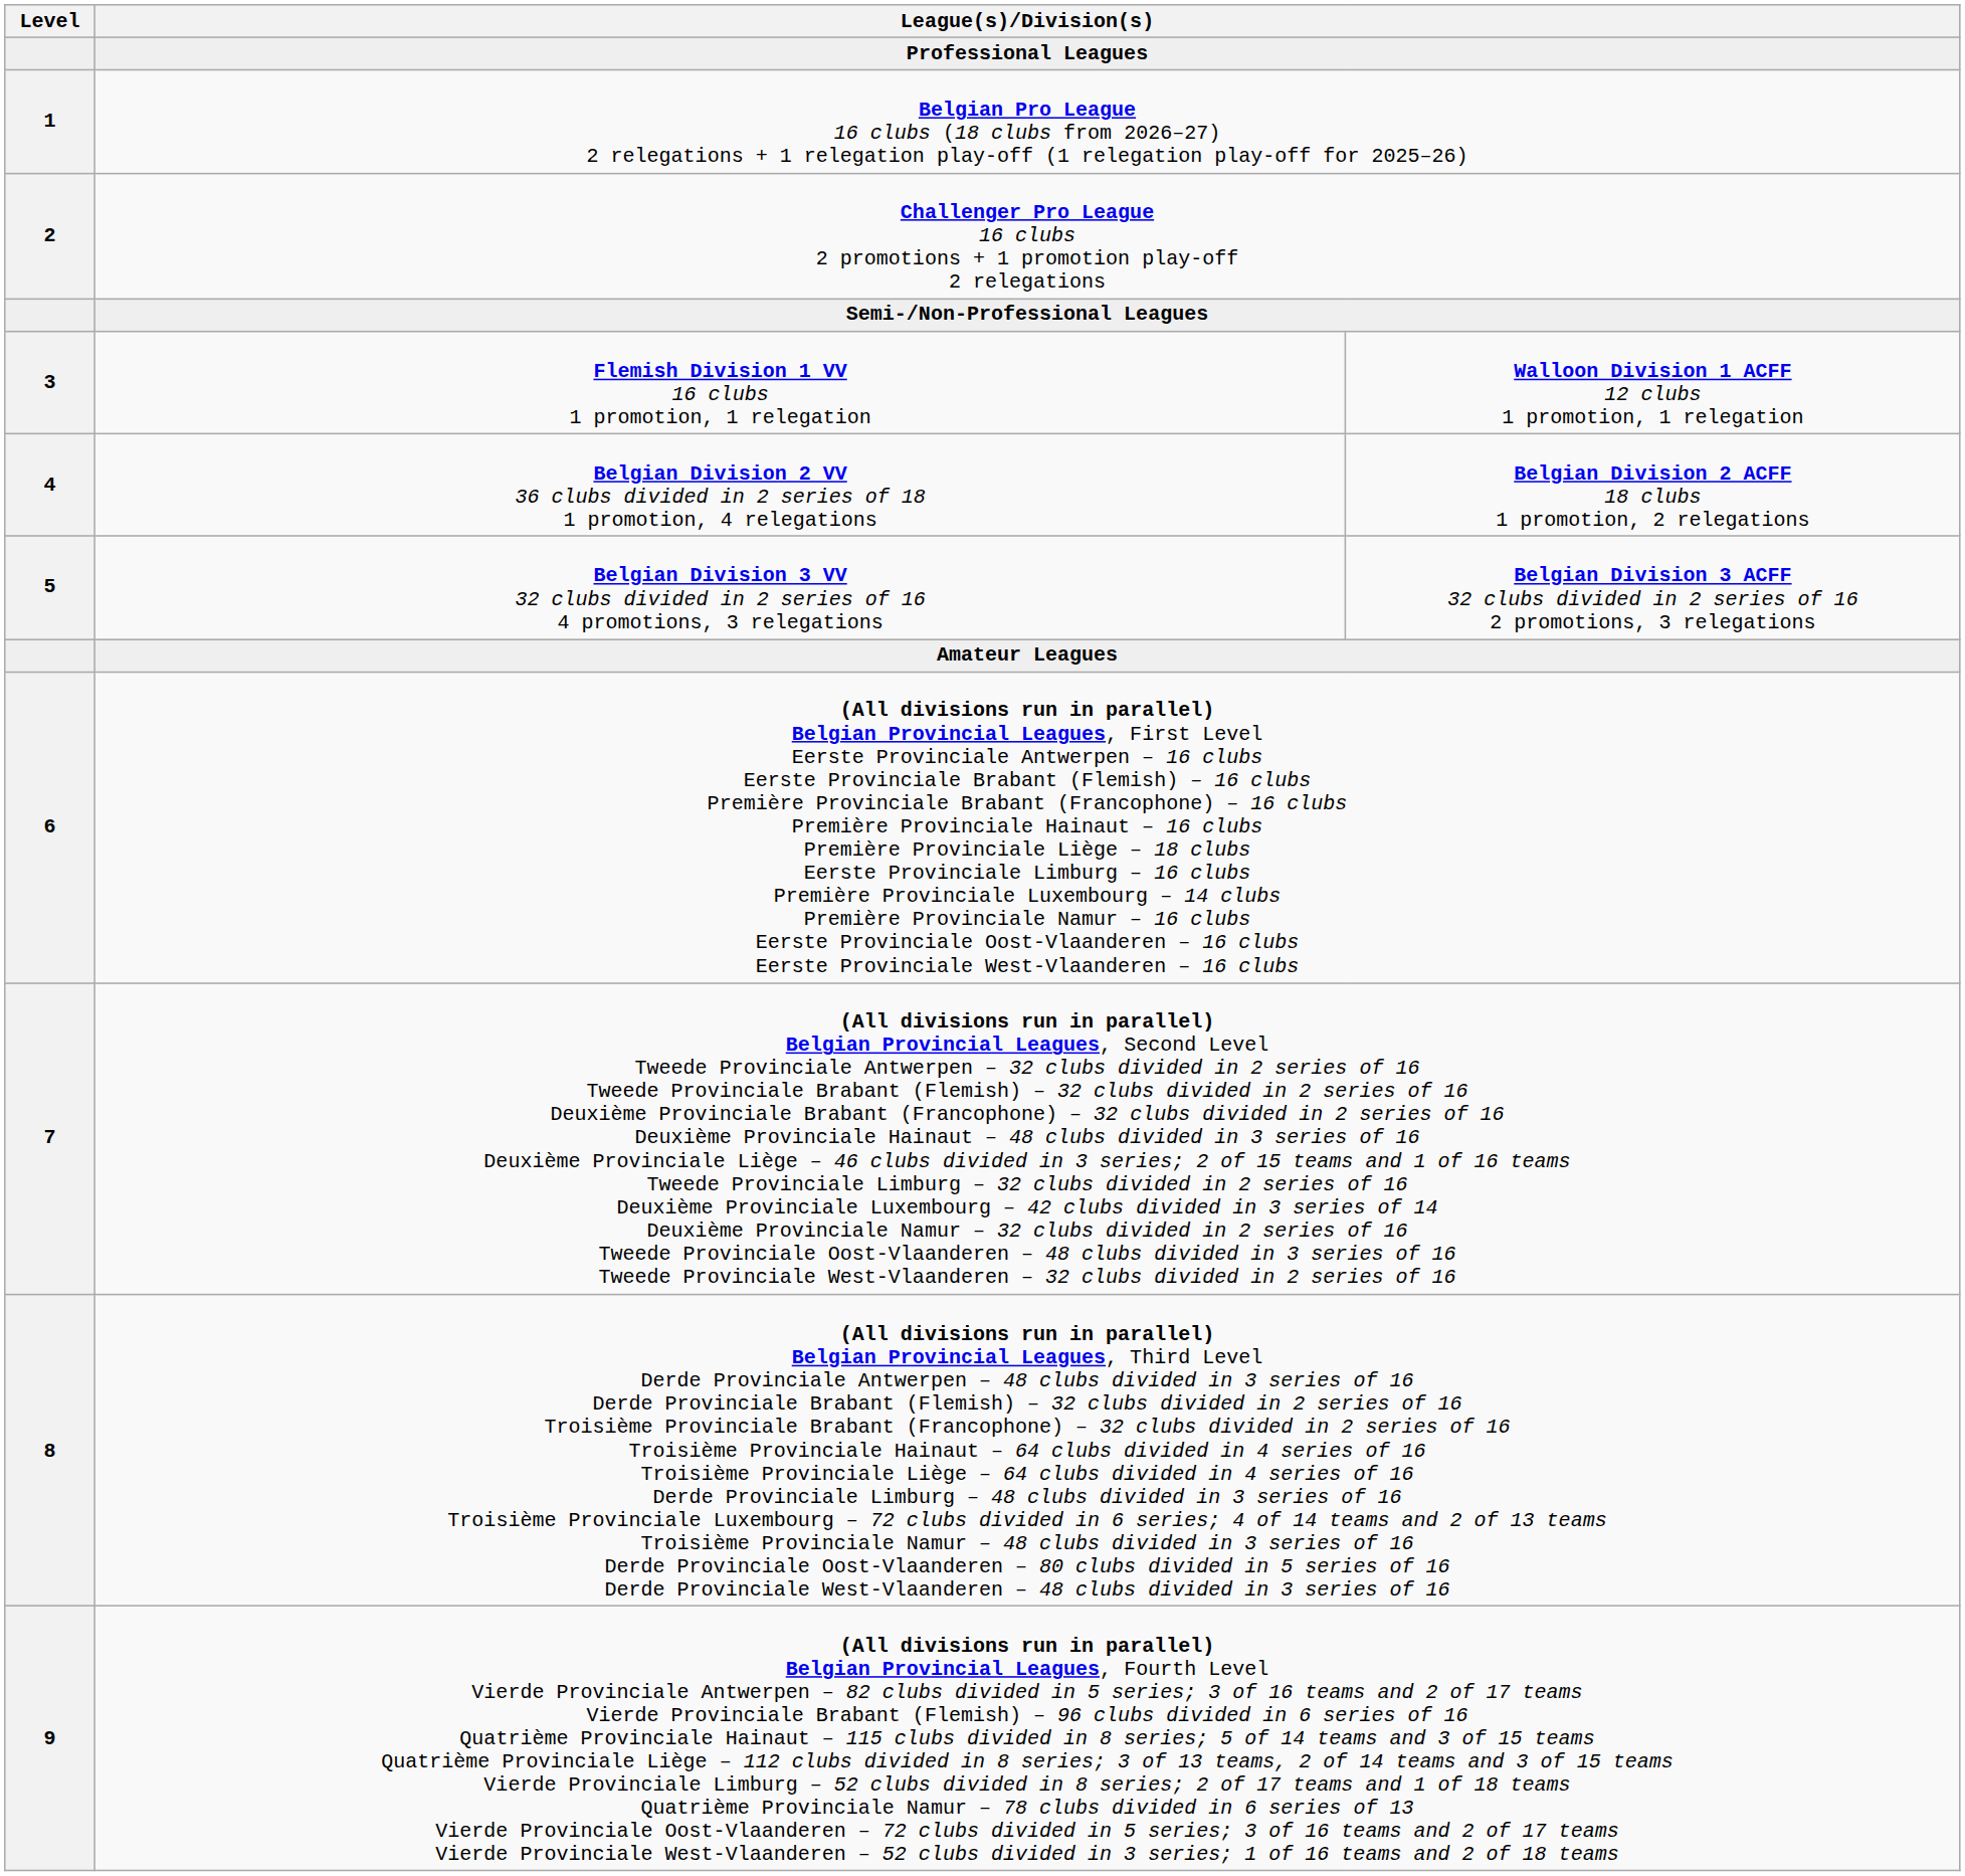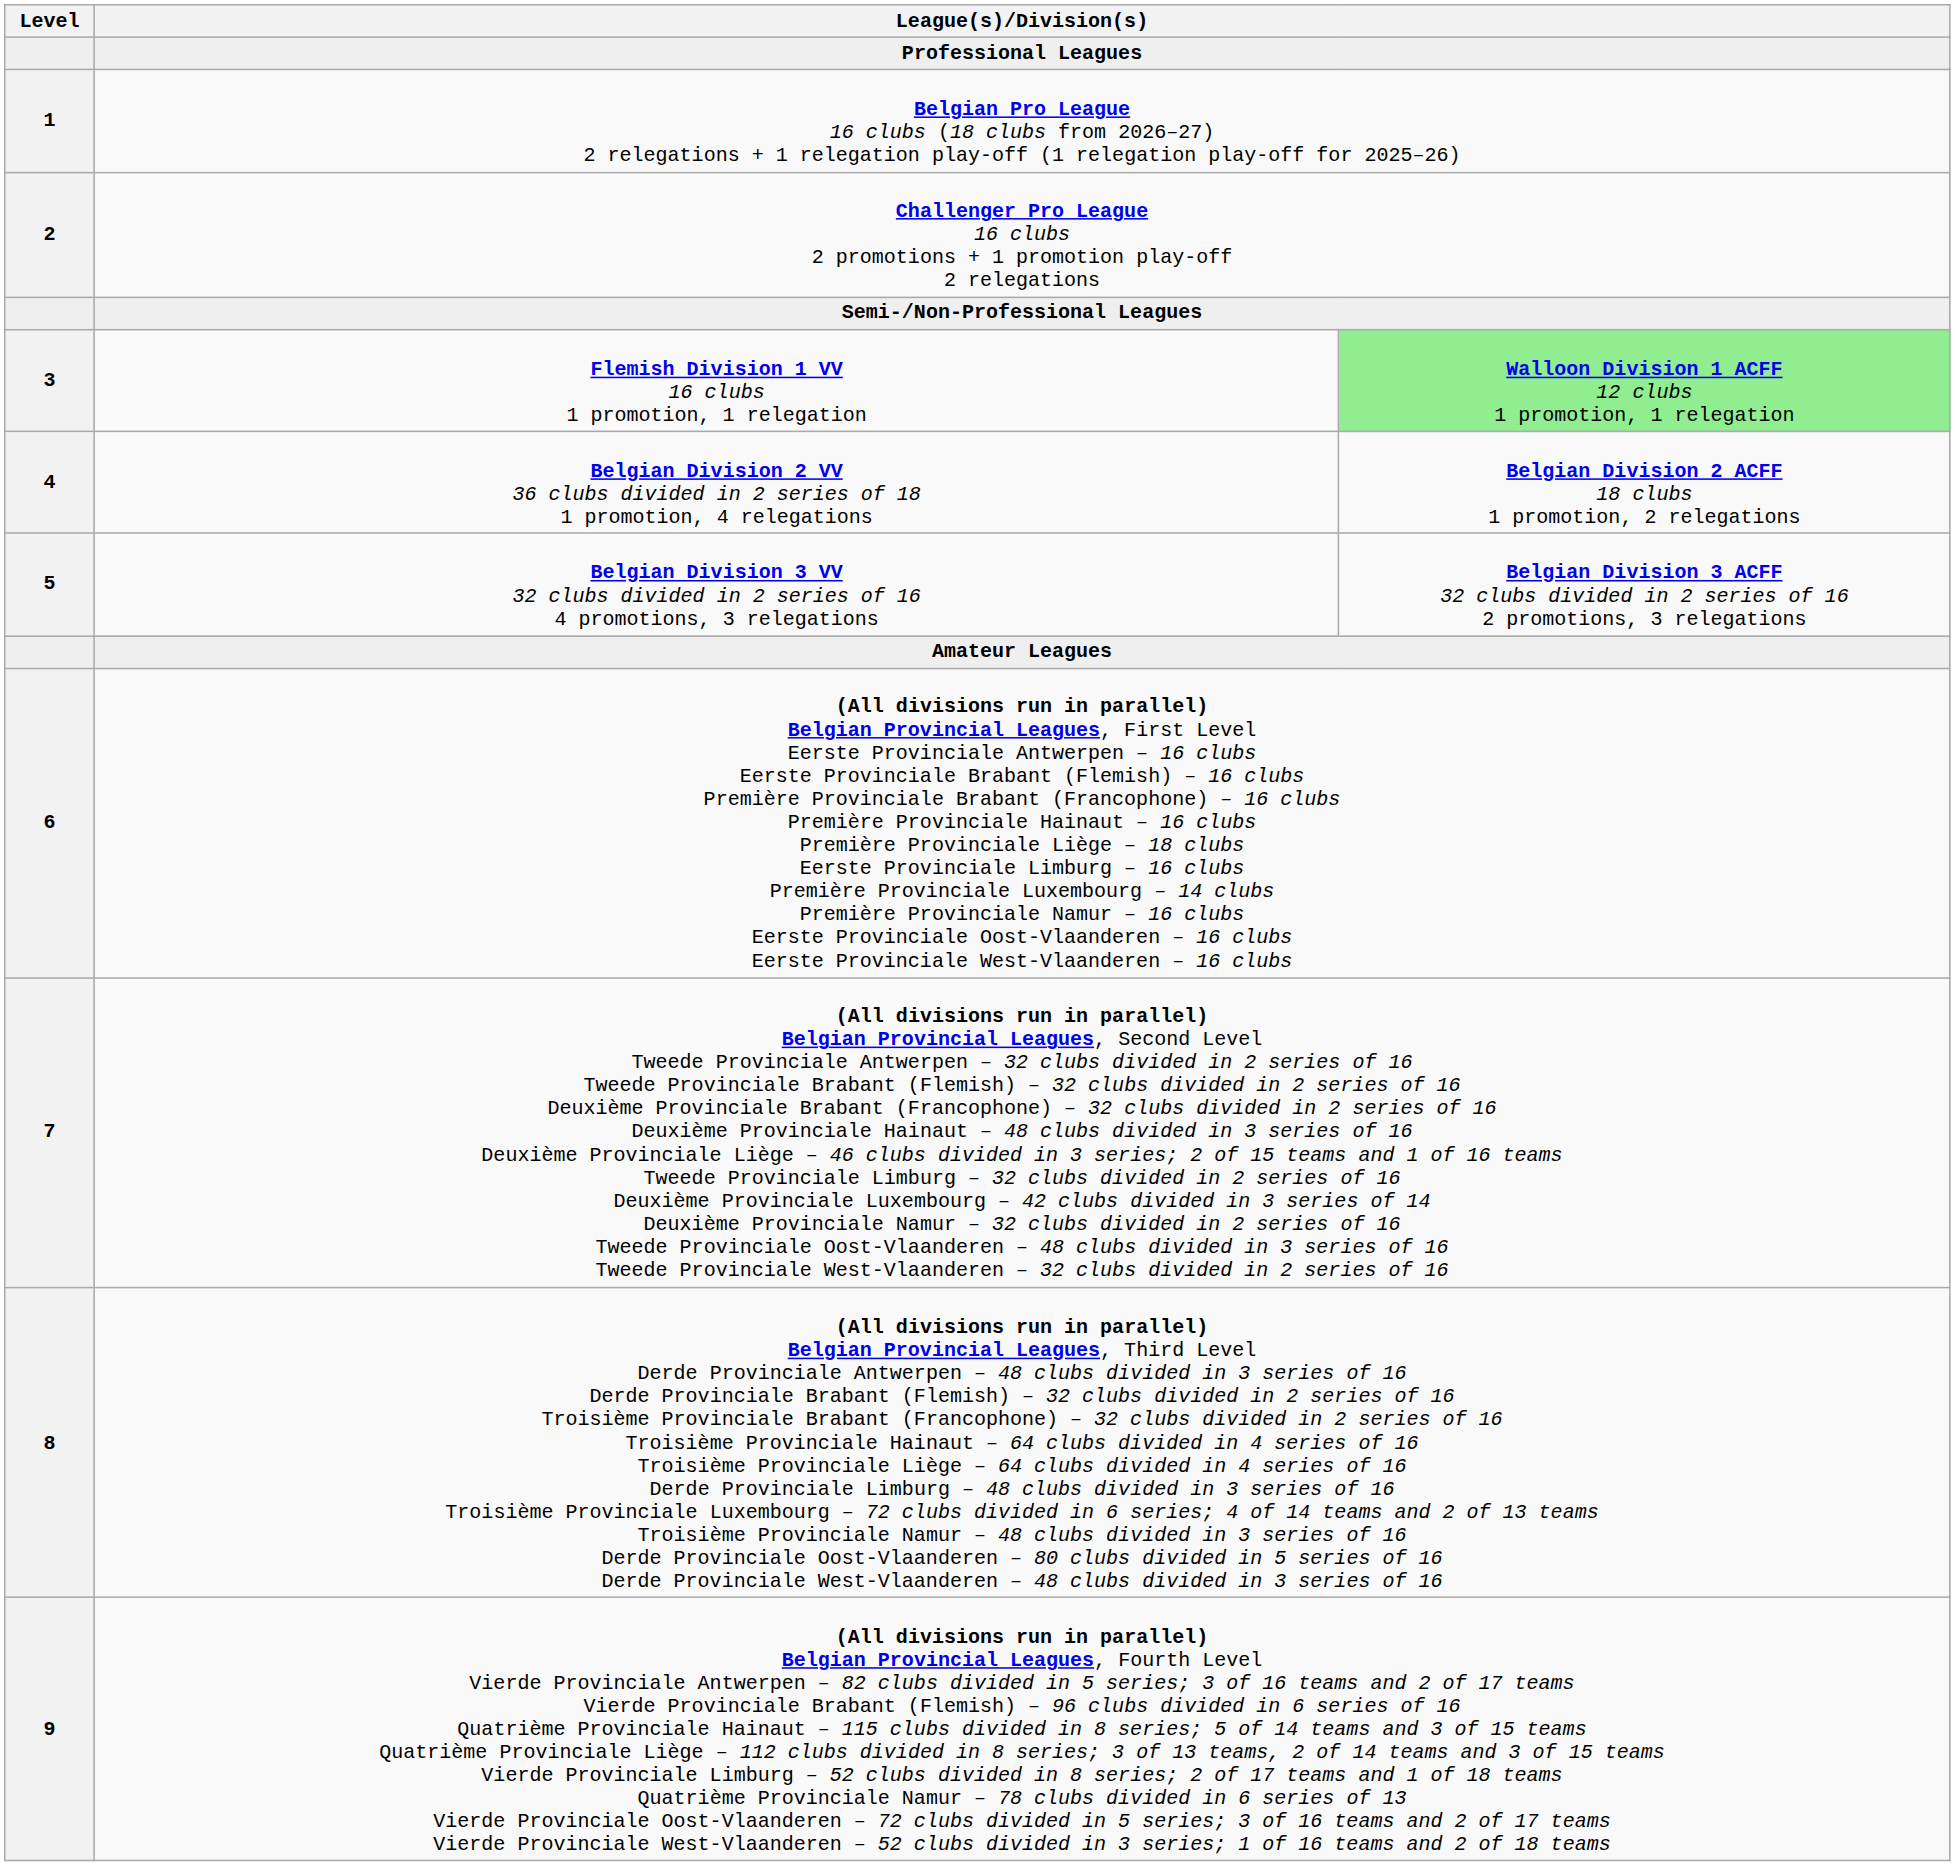 <table class="wikitable" style="text-align:center" width="100%">
 <tr ---->
 <th colspan="1" width="4%">Level</th>
 <th colspan="2" width="96%">League(s)/Division(s)</th>
 </tr>
 <tr style="background:#efefef;">
 <td colspan="1" width="4.6%" align="center"></td>
 <td colspan="18" width="95.4%" style="text-align:center;"><strong>Professional Leagues</strong></td>
 </tr>
 <tr>
 <th colspan="1" width="4%">1</th>
 <td colspan="2" width="96%" align="center"><br><strong><a href='#'>Belgian Pro League</a></strong><br> <em>16 clubs</em> (<em>18 clubs</em> from 2026–27) <br> 2 relegations + 1 relegation play-off (1 relegation play-off for 2025–26)</td>
 </tr>
 <tr ---->
 <th colspan="1" width="4%">2</th>
 <td colspan="2" width="96%" align="center"><br><strong><a href='#'>Challenger Pro League</a></strong><br> <em>16 clubs</em> <br> 2 promotions + 1 promotion play-off <br> 2 relegations</td>
 </tr>
 <tr style="background:#efefef;">
 <td colspan="1" width="4.6%" align="center"></td>
 <td colspan="18" width="95.4%" style="text-align:center;"><strong>Semi-/Non-Professional Leagues</strong></td>
 </tr>
 <tr ---->
 <th colspan="1" width="4%">3</th>
 <td width="50%" align="center"><br><strong><a href='#'>Flemish Division 1 VV</a></strong><br> <em>16 clubs</em> <br> 1 promotion, 1 relegation</td>
-<td width="50%" align="center"><br><strong><a href='#'>Walloon Division 1 ACFF</a></strong><br> <em>12 clubs</em> <br> 1 promotion, 1 relegation</td>
+<td width="50%" align="center" style="background: lightgreen;"><br><strong><a href='#'>Walloon Division 1 ACFF</a></strong><br> <em>12 clubs</em> <br> 1 promotion, 1 relegation</td>
 </tr>
 <tr ---->
 <th colspan="1" width="4%">4</th>
 <td width="64%" align="center"><br><strong><a href='#'>Belgian Division 2 VV</a></strong><br> <em>36 clubs divided in 2 series of 18</em> <br> 1 promotion, 4 relegations</td>
 <td width="30%" align="center"><br><strong><a href='#'>Belgian Division 2 ACFF</a></strong><br> <em>18 clubs</em> <br> 1 promotion, 2 relegations</td>
 </tr>
 <tr ---->
 <th colspan="1" width="4%">5</th>
 <td width="50%" align="center"><br><strong><a href='#'>Belgian Division 3 VV</a></strong><br> <em>32 clubs divided in 2 series of 16</em> <br> 4 promotions, 3 relegations</td>
 <td width="50%" align="center"><br><strong><a href='#'>Belgian Division 3 ACFF</a></strong><br> <em>32 clubs divided in 2 series of 16</em> <br> 2 promotions, 3 relegations</td>
 </tr>
 <tr style="background:#efefef;">
 <td colspan="1" width="4.6%" align="center"></td>
 <td colspan="18" width="95.4%" style="text-align:center;"><strong>Amateur Leagues</strong></td>
 </tr>
 <tr ---->
 <th colspan="1" width="4%">6</th>
 <td colspan="2" width="96%"><br><strong>(All divisions run in parallel)</strong><br> <strong><a href='#'>Belgian Provincial Leagues</a></strong>, First Level<br> Eerste Provinciale  Antwerpen – <em>16 clubs</em><br> Eerste Provinciale  Brabant (Flemish) – <em>16 clubs</em><br> Première Provinciale  Brabant (Francophone) – <em>16 clubs</em><br> Première Provinciale  Hainaut – <em>16 clubs</em><br> Première Provinciale  Liège – <em>18 clubs</em><br> Eerste Provinciale  Limburg – <em>16 clubs</em><br> Première Provinciale  Luxembourg – <em>14 clubs</em><br> Première Provinciale  Namur – <em>16 clubs</em><br> Eerste Provinciale  Oost-Vlaanderen – <em>16 clubs</em><br> Eerste Provinciale  West-Vlaanderen – <em>16 clubs</em><br></td>
 </tr>
 <tr ---->
 <th colspan="1" width="4%">7</th>
 <td colspan="2" width="96%"><br><strong>(All divisions run in parallel)</strong><br> <strong><a href='#'>Belgian Provincial Leagues</a></strong>, Second Level<br> Tweede Provinciale  Antwerpen – <em>32 clubs divided in 2 series of 16</em><br>  Tweede Provinciale  Brabant (Flemish) – <em>32 clubs divided in 2 series of 16</em><br> Deuxième Provinciale Brabant (Francophone) – <em>32 clubs divided in 2 series of 16</em><br> Deuxième Provinciale Hainaut – <em>48 clubs divided in 3 series of 16</em><br> Deuxième Provinciale Liège – <em>46 clubs divided in 3 series; 2 of 15 teams and 1 of 16 teams</em><br> Tweede Provinciale  Limburg – <em>32 clubs divided in 2 series of 16</em><br> Deuxième Provinciale Luxembourg – <em>42 clubs divided in 3 series of 14</em><br> Deuxième Provinciale Namur – <em>32 clubs divided in 2 series of 16</em><br> Tweede Provinciale  Oost-Vlaanderen – <em>48 clubs divided in 3 series of 16</em><br> Tweede Provinciale  West-Vlaanderen – <em>32 clubs divided in 2 series of 16</em><br></td>
 </tr>
 <tr ---->
 <th colspan="1" width="4%">8</th>
 <td colspan="2" width="96%"><br><strong>(All divisions run in parallel)</strong><br> <strong><a href='#'>Belgian Provincial Leagues</a></strong>, Third Level<br> Derde Provinciale  Antwerpen – <em>48 clubs divided in 3 series of 16</em><br>  Derde Provinciale  Brabant (Flemish) – <em>32 clubs divided in 2 series of 16</em><br> Troisième Provinciale Brabant (Francophone) – <em>32 clubs divided in 2 series of 16</em><br> Troisième Provinciale Hainaut – <em>64 clubs divided in 4 series of 16</em><br> Troisième Provinciale Liège – <em>64 clubs divided in 4 series of 16</em><br> Derde Provinciale  Limburg – <em>48 clubs divided in 3 series of 16</em><br> Troisième Provinciale Luxembourg – <em>72 clubs divided in 6 series; 4 of 14 teams and 2 of 13 teams</em><br> Troisième Provinciale Namur – <em>48 clubs divided in 3 series of 16</em><br> Derde Provinciale  Oost-Vlaanderen – <em>80 clubs divided in 5 series of 16</em><br> Derde Provinciale  West-Vlaanderen – <em>48 clubs divided in 3 series of 16</em><br></td>
 </tr>
 <tr ---->
 <th colspan="1" width="4%">9</th>
 <td colspan="2" width="96%"><br><strong>(All divisions run in parallel)</strong><br> <strong><a href='#'>Belgian Provincial Leagues</a></strong>, Fourth Level<br> Vierde Provinciale  Antwerpen – <em>82 clubs divided in 5 series; 3 of 16 teams and 2 of 17 teams</em><br> Vierde Provinciale  Brabant (Flemish) – <em>96 clubs divided in 6 series of 16</em><br> Quatrième Provinciale Hainaut – <em>115 clubs divided in 8 series; 5 of 14 teams and 3 of 15 teams</em><br> Quatrième Provinciale Liège – <em>112 clubs divided in 8 series; 3 of 13 teams, 2 of 14 teams and 3 of 15 teams</em><br> Vierde Provinciale  Limburg – <em>52 clubs divided in 8 series; 2 of 17 teams and 1 of 18 teams</em><br> Quatrième Provinciale Namur – <em>78 clubs divided in 6 series of 13</em><br> Vierde Provinciale  Oost-Vlaanderen – <em>72 clubs divided in 5 series; 3 of 16 teams and 2 of 17 teams</em><br> Vierde Provinciale  West-Vlaanderen – <em>52 clubs divided in 3 series; 1 of 16 teams and 2 of 18 teams</em><br></td>
 </tr>
 </table>
